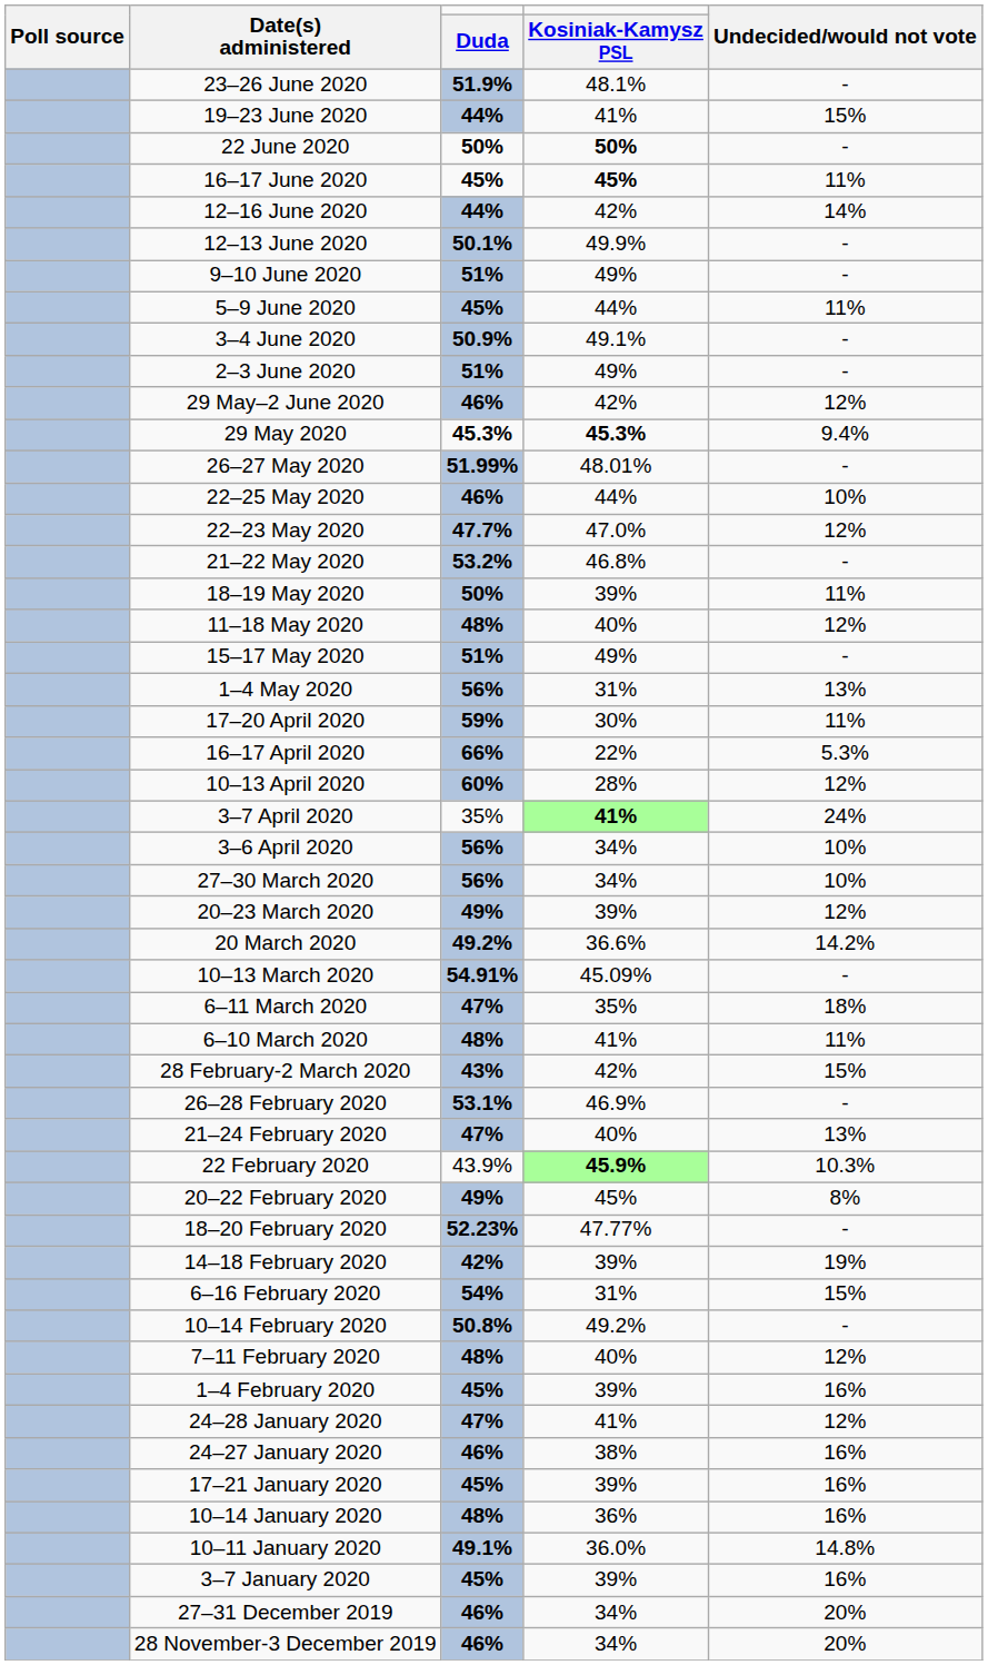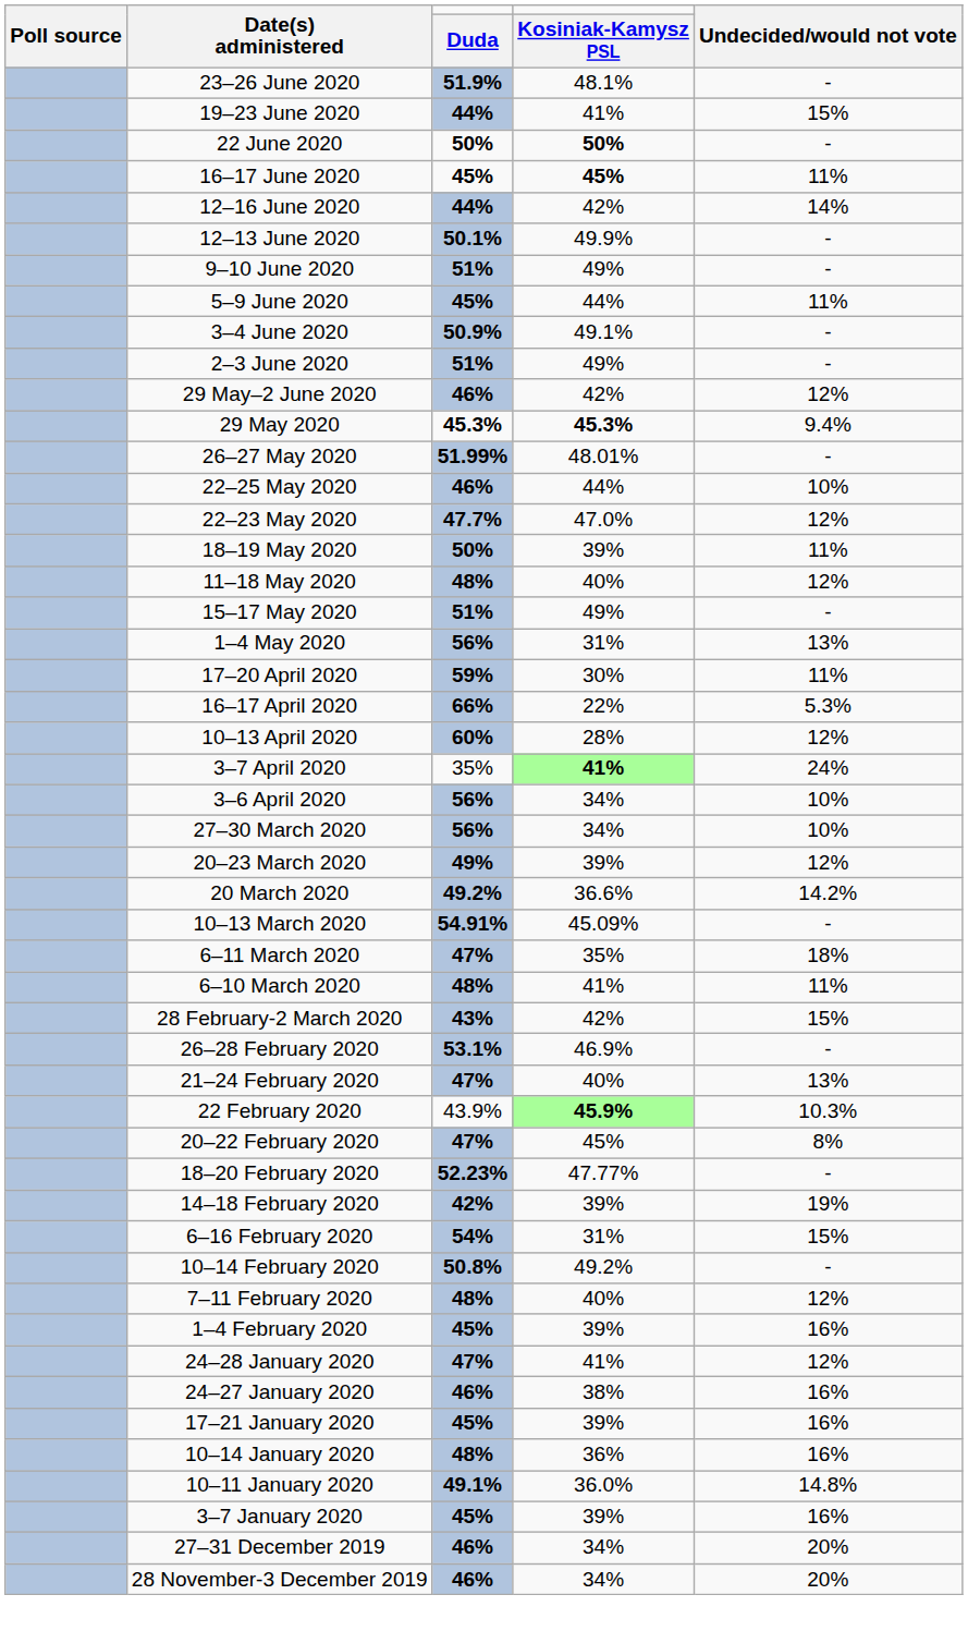 <table class="wikitable" style="text-align:center;font-size:85%;line-height:14px;">
 <tr>
 <th rowspan="2">Poll source</th>
 <th rowspan="2">Date(s)<br>administered</th>
 <td></td>
 <td></td>
 <th rowspan="2">Undecided/would not vote</th>
 </tr>
 <tr>
 <th><a href='#'>Duda</a><br></th>
 <th><a href='#'>Kosiniak-Kamysz</a><br><small><a href='#'>PSL</a></small></th>
 </tr>
 <tr>
 <td style="background:lightsteelblue;"></td>
 <td>23–26 June 2020</td>
 <td style="background:lightsteelblue;"><strong>51.9%</strong></td>
 <td>48.1%</td>
 <td>-</td>
 </tr>
 <tr>
 <td style="background:lightsteelblue;"></td>
 <td>19–23 June 2020</td>
 <td style="background:lightsteelblue;"><strong>44%</strong></td>
 <td>41%</td>
 <td>15%</td>
 </tr>
 <tr>
 <td style="background:lightsteelblue;"></td>
 <td>22 June 2020</td>
 <td><strong>50%</strong></td>
 <td><strong>50%</strong></td>
 <td>-</td>
 </tr>
 <tr>
 <td style="background:lightsteelblue;"></td>
 <td>16–17 June 2020</td>
 <td><strong>45%</strong></td>
 <td><strong>45%</strong></td>
 <td>11%</td>
 </tr>
 <tr>
 <td style="background:lightsteelblue;"></td>
 <td>12–16 June 2020</td>
 <td style="background:lightsteelblue;"><strong>44%</strong></td>
 <td>42%</td>
 <td>14%</td>
 </tr>
 <tr>
 <td style="background:lightsteelblue;"></td>
 <td>12–13 June 2020</td>
 <td style="background:lightsteelblue;"><strong>50.1%</strong></td>
 <td>49.9%</td>
 <td>-</td>
 </tr>
 <tr>
 <td style="background:lightsteelblue;"></td>
 <td>9–10 June 2020</td>
 <td style="background:lightsteelblue;"><strong>51%</strong></td>
 <td>49%</td>
 <td>-</td>
 </tr>
 <tr>
 <td style="background:lightsteelblue;"></td>
 <td>5–9 June 2020</td>
 <td style="background:lightsteelblue;"><strong>45%</strong></td>
 <td>44%</td>
 <td>11%</td>
 </tr>
 <tr>
 <td style="background:lightsteelblue;"></td>
 <td>3–4 June 2020</td>
 <td style="background:lightsteelblue;"><strong>50.9%</strong></td>
 <td>49.1%</td>
 <td>-</td>
 </tr>
 <tr>
 <td style="background:lightsteelblue;"></td>
 <td>2–3 June 2020</td>
 <td style="background:lightsteelblue;"><strong>51%</strong></td>
 <td>49%</td>
 <td>-</td>
 </tr>
 <tr>
 <td style="background:lightsteelblue;"></td>
 <td>29 May–2 June 2020</td>
 <td style="background:lightsteelblue;"><strong>46%</strong></td>
 <td>42%</td>
 <td>12%</td>
 </tr>
 <tr>
 <td style="background:lightsteelblue;"></td>
 <td>29 May 2020</td>
 <td><strong>45.3%</strong></td>
 <td><strong>45.3%</strong></td>
 <td>9.4%</td>
 </tr>
 <tr>
 <td style="background:lightsteelblue;"></td>
 <td>26–27 May 2020</td>
 <td style="background:lightsteelblue;"><strong>51.99%</strong></td>
 <td>48.01%</td>
 <td>-</td>
 </tr>
 <tr>
 <td style="background:lightsteelblue;"></td>
 <td>22–25 May 2020</td>
 <td style="background:lightsteelblue;"><strong>46%</strong></td>
 <td>44%</td>
 <td>10%</td>
 </tr>
 <tr>
 <td style="background:lightsteelblue;"></td>
 <td>22–23 May 2020</td>
 <td style="background:lightsteelblue;"><strong>47.7%</strong></td>
 <td>47.0%</td>
 <td>12%</td>
-</tr>
-<tr>
-<td style="background:lightsteelblue;"></td>
-<td>21–22 May 2020</td>
-<td style="background:lightsteelblue;"><strong>53.2%</strong></td>
-<td>46.8%</td>
-<td>-</td>
 </tr>
 <tr>
 <td style="background:lightsteelblue;"></td>
 <td>18–19 May 2020</td>
 <td style="background:lightsteelblue;"><strong>50%</strong></td>
 <td>39%</td>
 <td>11%</td>
 </tr>
 <tr>
 <td style="background:lightsteelblue;"></td>
 <td>11–18 May 2020</td>
 <td style="background:lightsteelblue;"><strong>48%</strong></td>
 <td>40%</td>
 <td>12%</td>
 </tr>
 <tr>
 <td style="background:lightsteelblue;"></td>
 <td>15–17 May 2020</td>
 <td style="background:lightsteelblue;"><strong>51%</strong></td>
 <td>49%</td>
 <td>-</td>
 </tr>
 <tr>
 <td style="background:lightsteelblue;"></td>
 <td>1–4 May 2020</td>
 <td style="background:lightsteelblue;"><strong>56%</strong></td>
 <td>31%</td>
 <td>13%</td>
 </tr>
 <tr>
 <td style="background:lightsteelblue;"></td>
 <td>17–20 April 2020</td>
 <td style="background:lightsteelblue;"><strong>59%</strong></td>
 <td>30%</td>
 <td>11%</td>
 </tr>
 <tr>
 <td style="background:lightsteelblue;"></td>
 <td>16–17 April 2020</td>
 <td style="background:lightsteelblue;"><strong>66%</strong></td>
 <td>22%</td>
 <td>5.3%</td>
 </tr>
 <tr>
 <td style="background:lightsteelblue;"></td>
 <td>10–13 April 2020</td>
 <td style="background:lightsteelblue;"><strong>60%</strong></td>
 <td>28%</td>
 <td>12%</td>
 </tr>
 <tr>
 <td style="background:lightsteelblue;"></td>
 <td>3–7 April 2020</td>
 <td>35%</td>
 <td style="background:#a8ff99;"><strong>41%</strong></td>
 <td>24%</td>
 </tr>
 <tr>
 <td style="background:lightsteelblue;"></td>
 <td>3–6 April 2020</td>
 <td style="background:lightsteelblue;"><strong>56%</strong></td>
 <td>34%</td>
 <td>10%</td>
 </tr>
 <tr>
 <td style="background:lightsteelblue;"></td>
 <td>27–30 March 2020</td>
 <td style="background:lightsteelblue;"><strong>56%</strong></td>
 <td>34%</td>
 <td>10%</td>
 </tr>
 <tr>
 <td style="background:lightsteelblue;"></td>
 <td>20–23 March 2020</td>
 <td style="background:lightsteelblue;"><strong>49%</strong></td>
 <td>39%</td>
 <td>12%</td>
 </tr>
 <tr>
 <td style="background:lightsteelblue;"></td>
 <td>20 March 2020</td>
 <td style="background:lightsteelblue;"><strong>49.2%</strong></td>
 <td>36.6%</td>
 <td>14.2%</td>
 </tr>
 <tr>
 <td style="background:lightsteelblue;"></td>
 <td>10–13 March 2020</td>
 <td style="background:lightsteelblue;"><strong>54.91%</strong></td>
 <td>45.09%</td>
 <td>-</td>
 </tr>
 <tr>
 <td style="background:lightsteelblue;"></td>
 <td>6–11 March 2020</td>
 <td style="background:lightsteelblue;"><strong>47%</strong></td>
 <td>35%</td>
 <td>18%</td>
 </tr>
 <tr>
 <td style="background:lightsteelblue;"></td>
 <td>6–10 March 2020</td>
 <td style="background:lightsteelblue;"><strong>48%</strong></td>
 <td>41%</td>
 <td>11%</td>
 </tr>
 <tr>
 <td style="background:lightsteelblue;"></td>
 <td>28 February-2 March 2020</td>
 <td style="background:lightsteelblue;"><strong>43%</strong></td>
 <td>42%</td>
 <td>15%</td>
 </tr>
 <tr>
 <td style="background:lightsteelblue;"></td>
 <td>26–28 February 2020</td>
 <td style="background:lightsteelblue;"><strong>53.1%</strong></td>
 <td>46.9%</td>
 <td>-</td>
 </tr>
 <tr>
 <td style="background:lightsteelblue;"></td>
 <td>21–24 February 2020</td>
 <td style="background:lightsteelblue;"><strong>47%</strong></td>
 <td>40%</td>
 <td>13%</td>
 </tr>
 <tr>
 <td style="background:lightsteelblue;"></td>
 <td>22 February 2020</td>
 <td>43.9%</td>
 <td style="background:#a8ff99;"><strong>45.9%</strong></td>
 <td>10.3%</td>
 </tr>
 <tr>
 <td style="background:lightsteelblue;"></td>
 <td>20–22 February 2020</td>
-<td style="background:lightsteelblue;"><strong>49%</strong></td>
+<td style="background:lightsteelblue;"><strong>47%</strong></td>
 <td>45%</td>
 <td>8%</td>
 </tr>
 <tr>
 <td style="background:lightsteelblue;"></td>
 <td>18–20 February 2020</td>
 <td style="background:lightsteelblue;"><strong>52.23%</strong></td>
 <td>47.77%</td>
 <td>-</td>
 </tr>
 <tr>
 <td style="background:lightsteelblue;"></td>
 <td>14–18 February 2020</td>
 <td style="background:lightsteelblue;"><strong>42%</strong></td>
 <td>39%</td>
 <td>19%</td>
 </tr>
 <tr>
 <td style="background:lightsteelblue;"></td>
 <td>6–16 February 2020</td>
 <td style="background:lightsteelblue;"><strong>54%</strong></td>
 <td>31%</td>
 <td>15%</td>
 </tr>
 <tr>
 <td style="background:lightsteelblue;"></td>
 <td>10–14 February 2020</td>
 <td style="background:lightsteelblue;"><strong>50.8%</strong></td>
 <td>49.2%</td>
 <td>-</td>
 </tr>
 <tr>
 <td style="background:lightsteelblue;"></td>
 <td>7–11 February 2020</td>
 <td style="background:lightsteelblue;"><strong>48%</strong></td>
 <td>40%</td>
 <td>12%</td>
 </tr>
 <tr>
 <td style="background:lightsteelblue;"></td>
 <td>1–4 February 2020</td>
 <td style="background:lightsteelblue;"><strong>45%</strong></td>
 <td>39%</td>
 <td>16%</td>
 </tr>
 <tr>
 <td style="background:lightsteelblue;"></td>
 <td>24–28 January 2020</td>
 <td style="background:lightsteelblue;"><strong>47%</strong></td>
 <td>41%</td>
 <td>12%</td>
 </tr>
 <tr>
 <td style="background:lightsteelblue;"></td>
 <td>24–27 January 2020</td>
 <td style="background:lightsteelblue;"><strong>46%</strong></td>
 <td>38%</td>
 <td>16%</td>
 </tr>
 <tr>
 <td style="background:lightsteelblue;"></td>
 <td>17–21 January 2020</td>
 <td style="background:lightsteelblue;"><strong>45%</strong></td>
 <td>39%</td>
 <td>16%</td>
 </tr>
 <tr>
 <td style="background:lightsteelblue;"></td>
 <td>10–14 January 2020</td>
 <td style="background:lightsteelblue;"><strong>48%</strong></td>
 <td>36%</td>
 <td>16%</td>
 </tr>
 <tr>
 <td style="background:lightsteelblue;"></td>
 <td>10–11 January 2020</td>
 <td style="background:lightsteelblue;"><strong>49.1%</strong></td>
 <td>36.0%</td>
 <td>14.8%</td>
 </tr>
 <tr>
 <td style="background:lightsteelblue;"></td>
 <td>3–7 January 2020</td>
 <td style="background:lightsteelblue;"><strong>45%</strong></td>
 <td>39%</td>
 <td>16%</td>
 </tr>
 <tr>
 <td style="background:lightsteelblue;"></td>
 <td>27–31 December 2019</td>
 <td style="background:lightsteelblue;"><strong>46%</strong></td>
 <td>34%</td>
 <td>20%</td>
 </tr>
 <tr>
 <td style="background:lightsteelblue;"></td>
 <td>28 November-3 December 2019</td>
 <td style="background:lightsteelblue;"><strong>46%</strong></td>
 <td>34%</td>
 <td>20%</td>
 </tr>
 </table>
